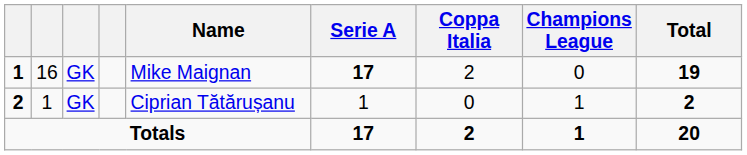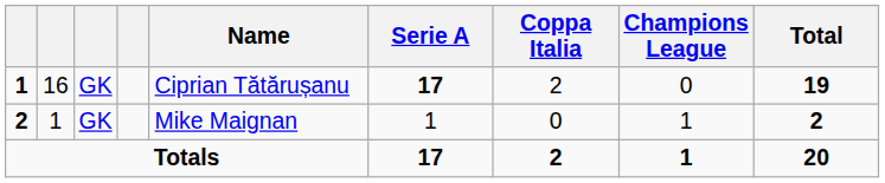 <table class="wikitable" style="text-align:center">
 <tr>
 <th width=15></th>
 <th width=15></th>
 <th width=15></th>
 <th width=15></th>
 <th width=145>Name</th>
 <th width=80><a href='#'>Serie A</a></th>
 <th width=80><a href='#'>Coppa Italia</a></th>
 <th width=80><a href='#'>Champions League</a></th>
 <th width=80>Total</th>
 </tr>
 <tr>
 <td><strong>1</strong></td>
 <td>16</td>
 <td><a href='#'>GK</a></td>
 <td></td>
-<td align=left><a href='#'>Mike Maignan</a></td>
+<td align=left><a href='#'>Ciprian Tătărușanu</a></td>
 <td><strong>17</strong></td>
 <td>2</td>
 <td>0</td>
 <td><strong>19</strong></td>
 </tr>
 <tr>
 <td><strong>2</strong></td>
 <td>1</td>
 <td><a href='#'>GK</a></td>
 <td></td>
-<td align=left><a href='#'>Ciprian Tătărușanu</a></td>
+<td align=left><a href='#'>Mike Maignan</a></td>
 <td>1</td>
 <td>0</td>
 <td>1</td>
 <td><strong>2</strong></td>
 </tr>
 <tr>
 <td colspan=5><strong>Totals</strong></td>
 <td><strong>17</strong></td>
 <td><strong>2</strong></td>
 <td><strong>1</strong></td>
 <td><strong>20</strong></td>
 </tr>
 </table>
